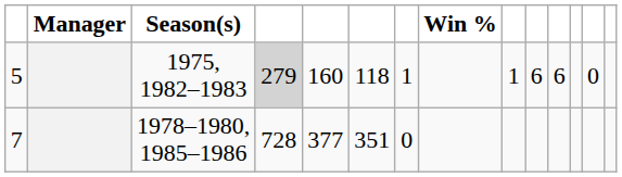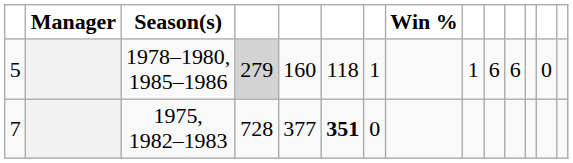 <table class="wikitable sortable plainrowheaders" style="text-align:center;">
 <tr>
 <th scope="col" style="background-color:#ffffff; border-top:#"></th>
 <th scope="col" style="background-color:#ffffff; border-top:#">Manager</th>
 <th scope="col" style="background-color:#ffffff; border-top:#">Season(s)</th>
 <th scope="col" style="background-color:#ffffff; border-top:#"></th>
 <th scope="col" style="background-color:#ffffff; border-top:#"></th>
 <th scope="col" style="background-color:#ffffff; border-top:#"></th>
 <th scope="col" style="background-color:#ffffff; border-top:#"></th>
 <th scope="col" style="background-color:#ffffff; border-top:#">Win %</th>
 <th scope="col" style="background-color:#ffffff; border-top:#"></th>
 <th scope="col" style="background-color:#ffffff; border-top:#"></th>
 <th scope="col" style="background-color:#ffffff; border-top:#"></th>
 <th scope="col" style="background-color:#ffffff; border-top:#"></th>
 <th scope="col" style="background-color:#ffffff; border-top:#"></th>
 <th scope="col" style="background-color:#ffffff; border-top:#"></th>
 </tr>
 <tr>
 <td>5</td>
 <th scope="row" style="text-align:center"></th>
-<td>1975,<br>1982–1983</td>
+<td>1978–1980,<br>1985–1986</td>
 <td style="background: lightgrey;">279</td>
 <td>160</td>
 <td>118</td>
 <td>1</td>
 <td></td>
 <td>1</td>
 <td>6</td>
 <td>6</td>
 <td></td>
 <td>0</td>
 <td></td>
 </tr>
 <tr>
 <td>7</td>
 <th scope="row" style="text-align:center"></th>
-<td>1978–1980,<br>1985–1986</td>
+<td>1975,<br>1982–1983</td>
 <td>728</td>
 <td>377</td>
-<td>351</td>
+<td><strong>351</strong></td>
 <td>0</td>
 <td></td>
 <td></td>
 <td></td>
 <td></td>
 <td></td>
 <td></td>
 <td></td>
 </tr>
 </table>
